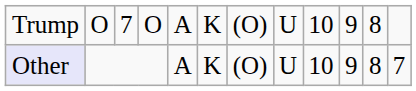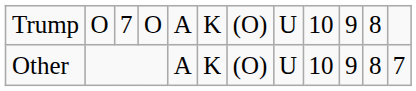 <table class="wikitable" align="right">
 <tr>
 <td>Trump</td>
 <td>O</td>
 <td>7</td>
 <td>O</td>
 <td>A</td>
 <td>K</td>
 <td>(O)</td>
 <td>U</td>
 <td>10</td>
 <td>9</td>
 <td>8</td>
 <td></td>
 </tr>
 <tr>
-<td style="background: lavender;">Other</td>
+<td>Other</td>
 <td colspan=3></td>
 <td>A</td>
 <td>K</td>
 <td>(O)</td>
 <td>U</td>
 <td>10</td>
 <td>9</td>
 <td>8</td>
 <td>7</td>
 </tr>
 </table>
